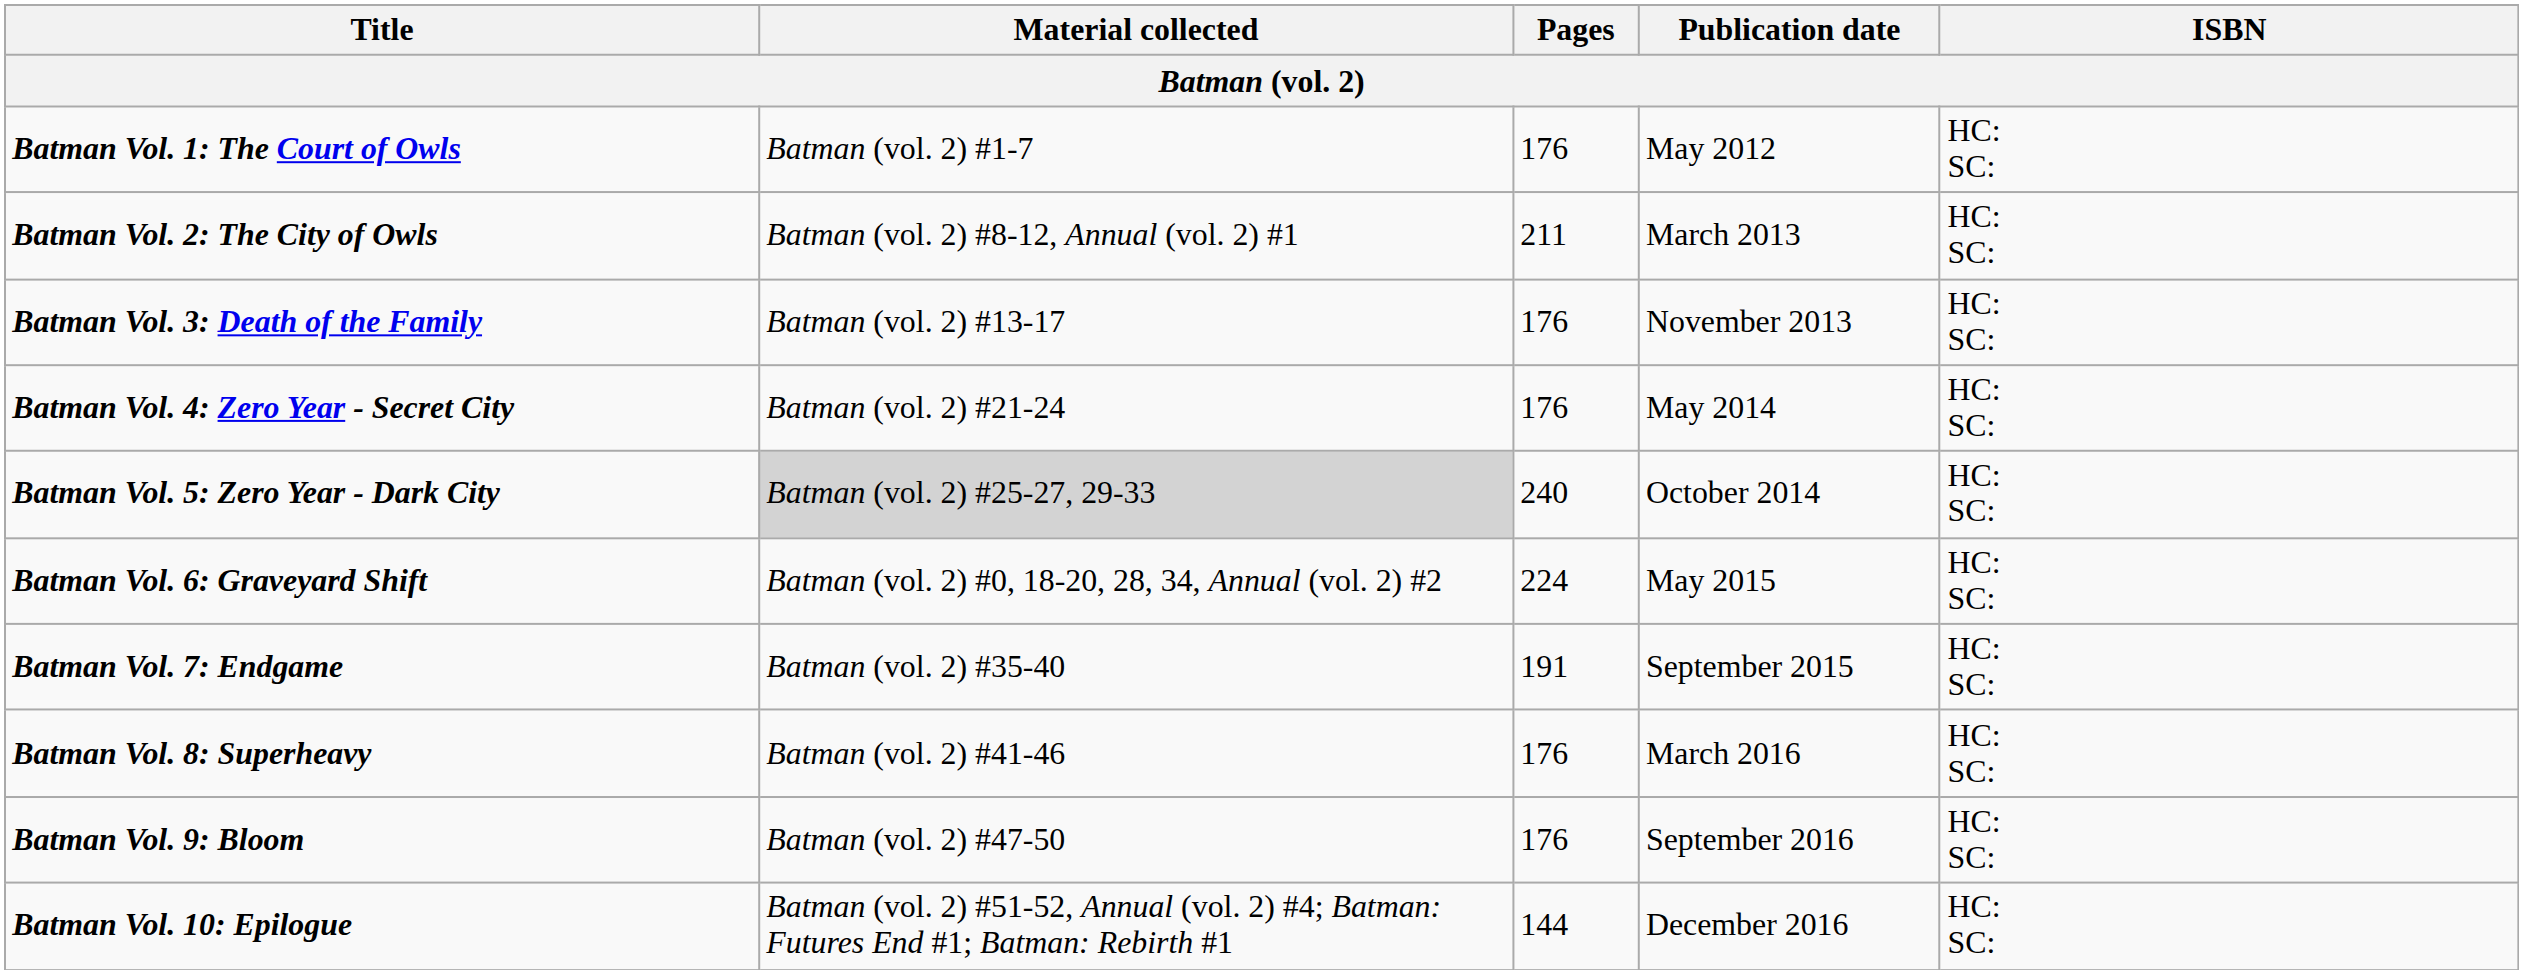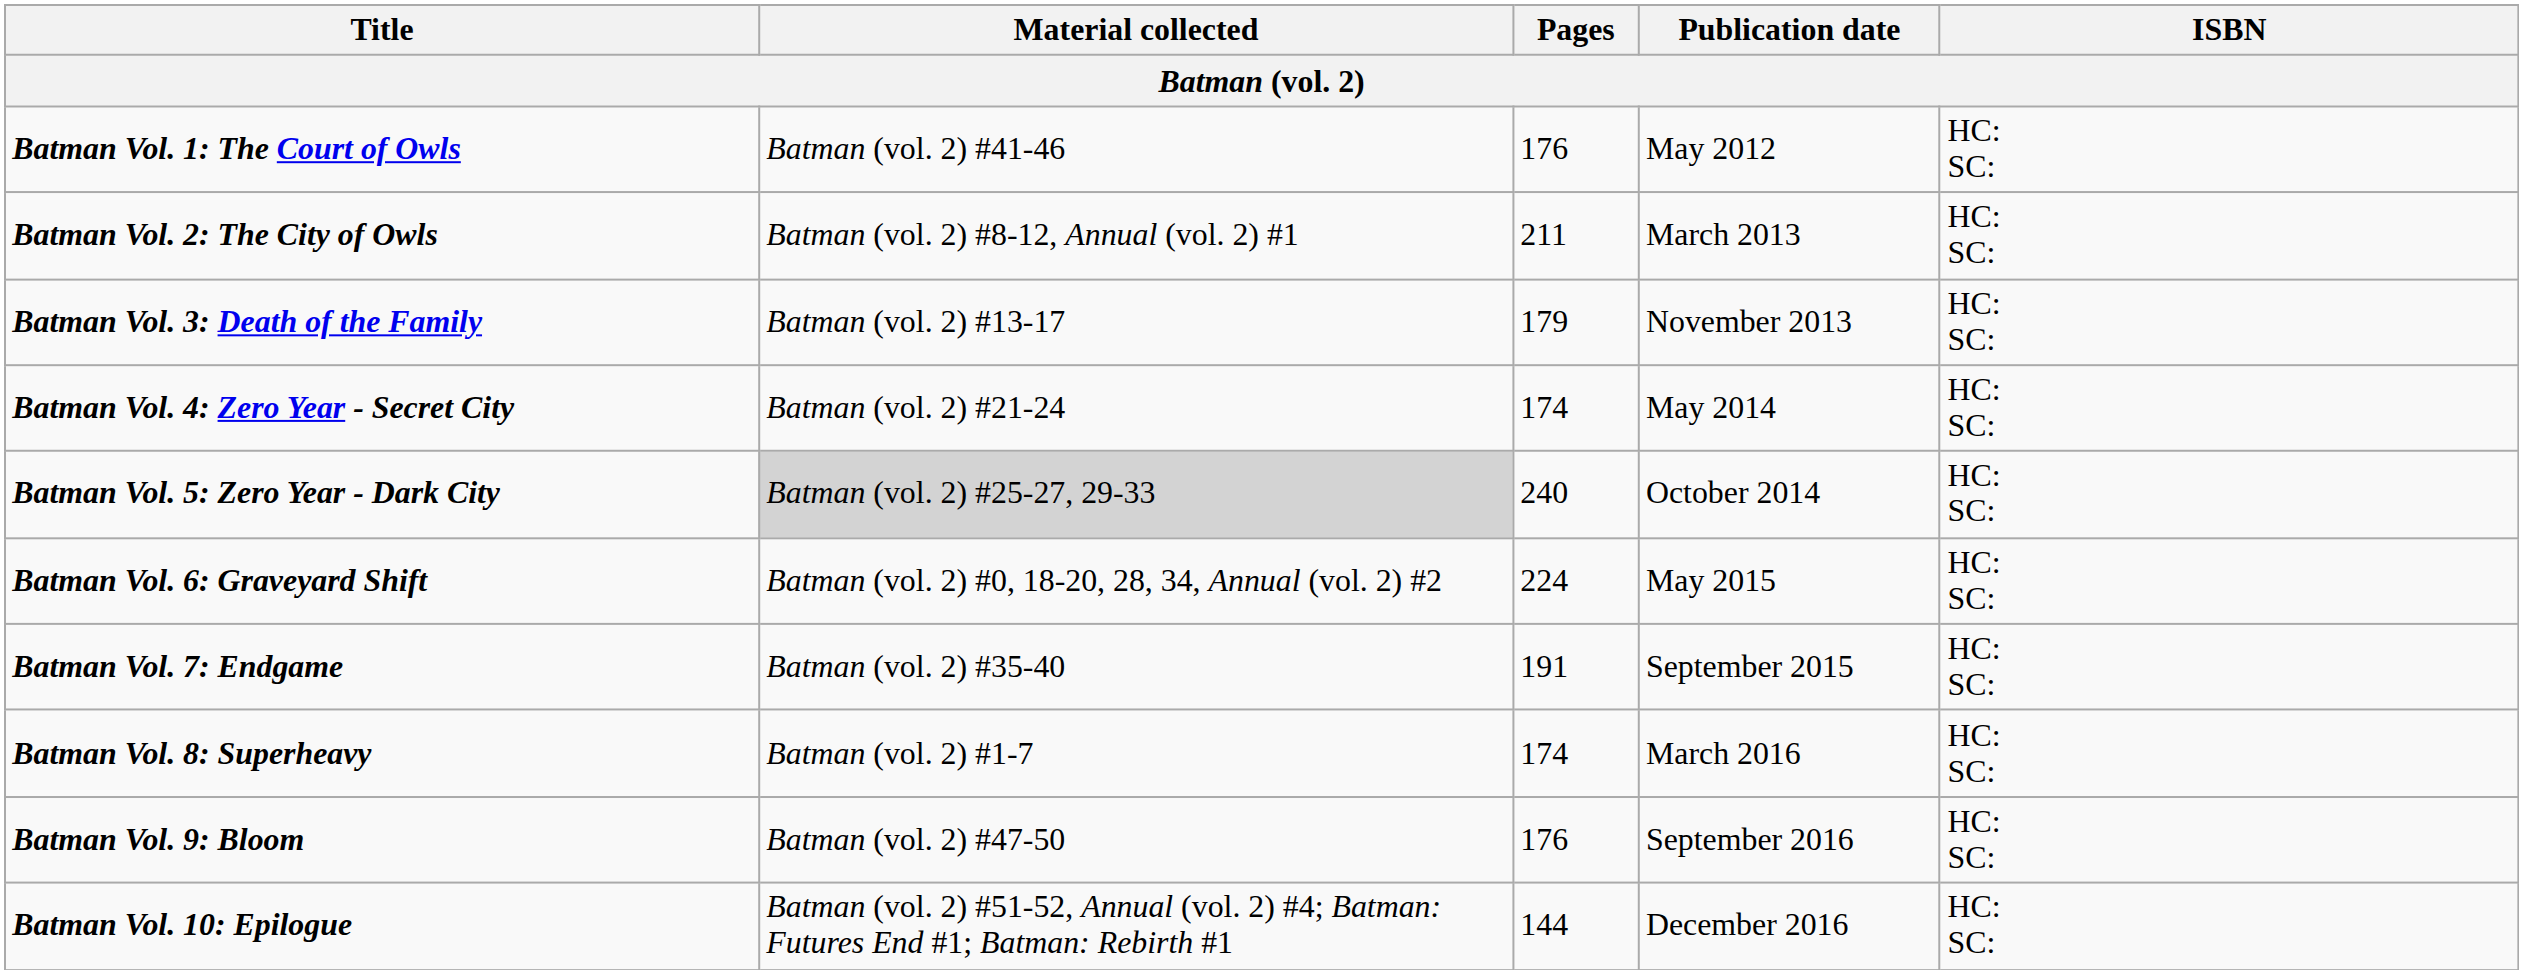 <table class="wikitable" width="100%">
 <tr>
 <th style="width:30%;">Title</th>
 <th style="width:30%;">Material collected</th>
 <th style="width:5%;">Pages</th>
 <th style="width:12%;">Publication date</th>
 <th>ISBN</th>
 </tr>
 <tr>
 <th colspan="5"><em>Batman</em> (vol. 2)</th>
 </tr>
 <tr>
 <td><strong><em>Batman Vol. 1: The <a href='#'>Court of Owls</a></em></strong></td>
-<td><em>Batman</em> (vol. 2) #1-7</td>
+<td><em>Batman</em> (vol. 2) #41-46</td>
 <td>176</td>
 <td>May 2012</td>
 <td>HC: <br>SC: </td>
 </tr>
 <tr>
 <td><strong><em>Batman Vol. 2: The City of Owls</em></strong></td>
 <td><em>Batman</em> (vol. 2) #8-12, <em>Annual</em> (vol. 2) #1</td>
 <td>211</td>
 <td>March 2013</td>
 <td>HC: <br>SC: </td>
 </tr>
 <tr>
 <td><strong><em>Batman Vol. 3: <a href='#'>Death of the Family</a></em></strong></td>
 <td><em>Batman</em> (vol. 2) #13-17</td>
-<td>176</td>
+<td>179</td>
 <td>November 2013</td>
 <td>HC: <br>SC: </td>
 </tr>
 <tr>
 <td><strong><em>Batman Vol. 4: <a href='#'>Zero Year</a> - Secret City</em></strong></td>
 <td><em>Batman</em> (vol. 2) #21-24</td>
-<td>176</td>
+<td>174</td>
 <td>May 2014</td>
 <td>HC: <br>SC: </td>
 </tr>
 <tr>
 <td><strong><em>Batman Vol. 5: Zero Year - Dark City</em></strong></td>
 <td style="background: lightgrey;"><em>Batman</em> (vol. 2) #25-27, 29-33</td>
 <td>240</td>
 <td>October 2014</td>
 <td>HC: <br>SC: </td>
 </tr>
 <tr>
 <td><strong><em>Batman Vol. 6: Graveyard Shift</em></strong></td>
 <td><em>Batman</em> (vol. 2) #0, 18-20, 28, 34, <em>Annual</em> (vol. 2) #2</td>
 <td>224</td>
 <td>May 2015</td>
 <td>HC: <br>SC: </td>
 </tr>
 <tr>
 <td><strong><em>Batman Vol. 7: Endgame</em></strong></td>
 <td><em>Batman</em> (vol. 2) #35-40</td>
 <td>191</td>
 <td>September 2015</td>
 <td>HC: <br>SC: </td>
 </tr>
 <tr>
 <td><strong><em>Batman Vol. 8: Superheavy</em></strong></td>
-<td><em>Batman</em> (vol. 2) #41-46</td>
-<td>176</td>
+<td><em>Batman</em> (vol. 2) #1-7</td>
+<td>174</td>
 <td>March 2016</td>
 <td>HC: <br>SC: </td>
 </tr>
 <tr>
 <td><strong><em>Batman Vol. 9: Bloom</em></strong></td>
 <td><em>Batman</em> (vol. 2) #47-50</td>
 <td>176</td>
 <td>September 2016</td>
 <td>HC: <br>SC: </td>
 </tr>
 <tr>
 <td><strong><em>Batman Vol. 10: Epilogue</em></strong></td>
 <td><em>Batman</em> (vol. 2) #51-52, <em>Annual</em> (vol. 2) #4; <em>Batman: Futures End</em> #1; <em>Batman: Rebirth</em> #1</td>
 <td>144</td>
 <td>December 2016</td>
 <td>HC: <br>SC: </td>
 </tr>
 </table>
